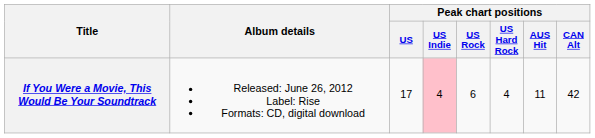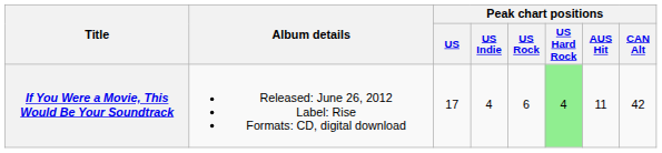 <table class="wikitable plainrowheaders" style="text-align:center;">
 <tr>
 <th scope="col" rowspan="2" style="width:15em;">Title</th>
 <th scope="col" rowspan="2" style="width:20em;">Album details</th>
 <th scope="col" colspan="6">Peak chart positions</th>
 </tr>
 <tr>
 <th scope="col" style="width:3em;font-size:90%;"><a href='#'>US</a><br></th>
 <th scope="col" style="width:3em;font-size:90%;"><a href='#'>US Indie</a><br></th>
 <th scope="col" style="width:3em;font-size:90%;"><a href='#'>US Rock</a><br></th>
 <th scope="col" style="width:3em;font-size:90%;"><a href='#'>US Hard Rock</a><br></th>
 <th scope="col" style="width:3em;font-size:90%;"><a href='#'>AUS<br>Hit</a><br></th>
 <th scope="col" style="width:3em;font-size:90%;"><a href='#'>CAN<br>Alt</a><br></th>
 </tr>
 <tr>
 <th scope="row"><em><a href='#'>If You Were a Movie, This Would Be Your Soundtrack</a></em></th>
 <td><br><ul><li>Released: June 26, 2012</li><li>Label: Rise</li><li>Formats: CD, digital download</li></ul></td>
 <td>17</td>
-<td style="background: pink;">4</td>
+<td>4</td>
 <td>6</td>
-<td>4</td>
+<td style="background: lightgreen;">4</td>
 <td>11</td>
 <td>42</td>
 </tr>
 </table>
